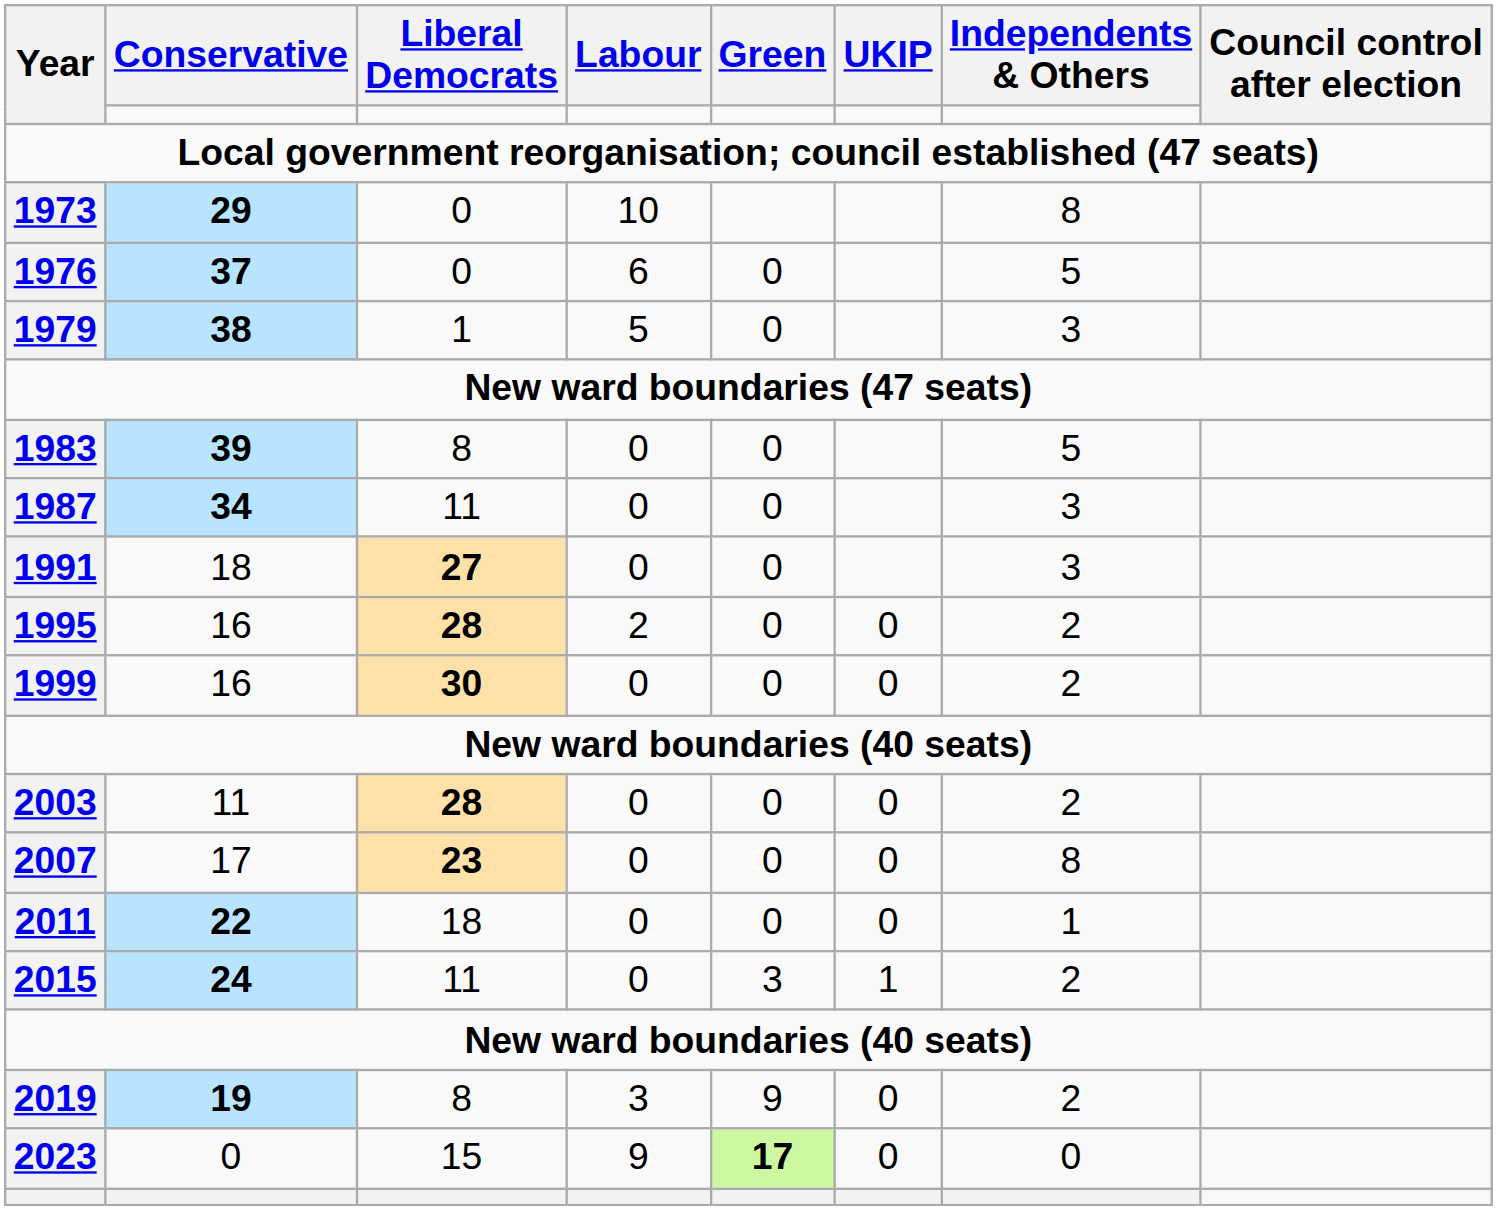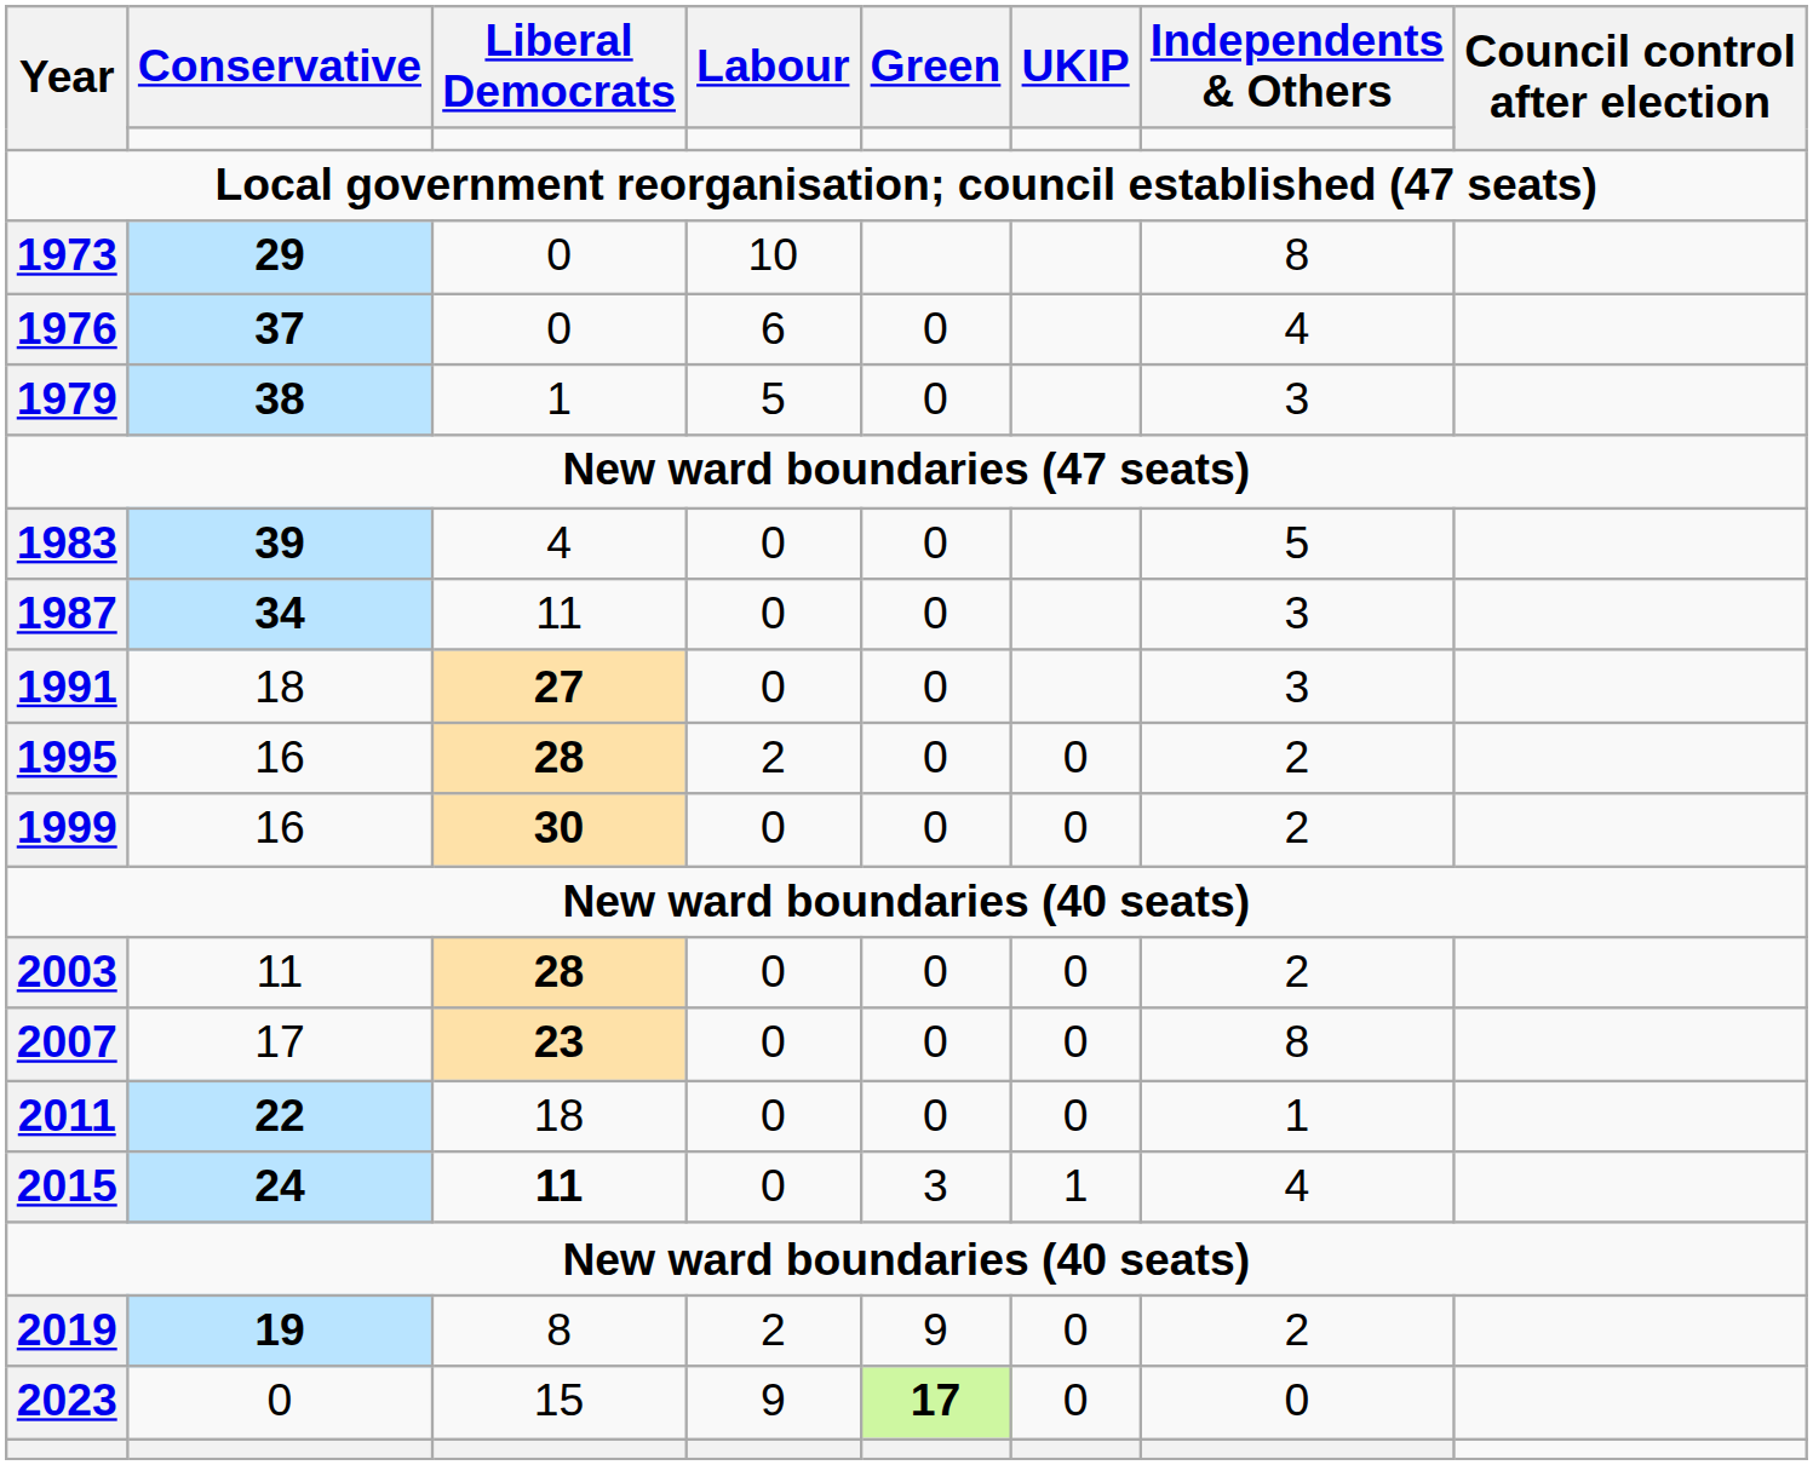 <table class="wikitable plainrowheaders" style="text-align:center">
 <tr>
 <th scope="col" rowspan="2">Year</th>
 <th scope="col"><a href='#'>Conservative</a></th>
 <th scope="col" style="width:1px"><a href='#'>Liberal Democrats</a></th>
 <th scope="col"><a href='#'>Labour</a></th>
 <th scope="col"><a href='#'>Green</a></th>
 <th scope="col"><a href='#'>UKIP</a></th>
 <th scope="col"><a href='#'>Independents</a><br>& Others</th>
 <th scope="col" rowspan="2" colspan="2">Council control<br>after election</th>
 </tr>
 <tr>
 <td style="background:"></td>
 <td style="background:"></td>
 <td style="background:"></td>
 <td style="background:"></td>
 <td style="background:"></td>
 <td style="background:"></td>
 </tr>
 <tr>
 <td colspan="9"><strong>Local government reorganisation; council established (47 seats)</strong></td>
 </tr>
 <tr>
 <th scope="row"><a href='#'>1973</a></th>
 <td style="background:#B9E4FF;"><strong>29</strong></td>
 <td>0</td>
 <td>10</td>
 <td></td>
 <td></td>
 <td>8</td>
 <td></td>
 </tr>
 <tr>
 <th scope="row"><a href='#'>1976</a></th>
 <td style="background:#B9E4FF;"><strong>37</strong></td>
 <td>0</td>
 <td>6</td>
 <td>0</td>
 <td></td>
-<td>5</td>
+<td>4</td>
 <td></td>
 </tr>
 <tr>
 <th scope="row"><a href='#'>1979</a></th>
 <td style="background:#B9E4FF;"><strong>38</strong></td>
 <td>1</td>
 <td>5</td>
 <td>0</td>
 <td></td>
 <td>3</td>
 <td></td>
 </tr>
 <tr>
 <td colspan="9"><strong>New ward boundaries (47 seats)</strong></td>
 </tr>
 <tr>
 <th scope="row"><a href='#'>1983</a></th>
 <td style="background:#B9E4FF;"><strong>39</strong></td>
-<td>8</td>
+<td>4</td>
 <td>0</td>
 <td>0</td>
 <td></td>
 <td>5</td>
 <td></td>
 </tr>
 <tr>
 <th scope="row"><a href='#'>1987</a></th>
 <td style="background:#B9E4FF;"><strong>34</strong></td>
 <td>11</td>
 <td>0</td>
 <td>0</td>
 <td></td>
 <td>3</td>
 <td></td>
 </tr>
 <tr>
 <th scope="row"><a href='#'>1991</a></th>
 <td>18</td>
 <td style="background:#FEE1A8"><strong>27</strong></td>
 <td>0</td>
 <td>0</td>
 <td></td>
 <td>3</td>
 <td></td>
 </tr>
 <tr>
 <th scope="row"><a href='#'>1995</a></th>
 <td>16</td>
 <td style="background:#FEE1A8"><strong>28</strong></td>
 <td>2</td>
 <td>0</td>
 <td>0</td>
 <td>2</td>
 <td></td>
 </tr>
 <tr>
 <th scope="row"><a href='#'>1999</a></th>
 <td>16</td>
 <td style="background:#FEE1A8"><strong>30</strong></td>
 <td>0</td>
 <td>0</td>
 <td>0</td>
 <td>2</td>
 <td></td>
 </tr>
 <tr>
 <td colspan="9"><strong>New ward boundaries (40 seats)</strong></td>
 </tr>
 <tr>
 <th scope="row"><a href='#'>2003</a></th>
 <td>11</td>
 <td style="background:#FEE1A8"><strong>28</strong></td>
 <td>0</td>
 <td>0</td>
 <td>0</td>
 <td>2</td>
 <td></td>
 </tr>
 <tr>
 <th scope="row"><a href='#'>2007</a></th>
 <td>17</td>
 <td style="background:#FEE1A8"><strong>23</strong></td>
 <td>0</td>
 <td>0</td>
 <td>0</td>
 <td>8</td>
 <td></td>
 </tr>
 <tr>
 <th scope="row"><a href='#'>2011</a></th>
 <td style="background:#B9E4FF;"><strong>22</strong></td>
 <td>18</td>
 <td>0</td>
 <td>0</td>
 <td>0</td>
 <td>1</td>
 <td></td>
 </tr>
 <tr>
 <th scope="row"><a href='#'>2015</a></th>
 <td style="background:#B9E4FF;"><strong>24</strong></td>
-<td>11</td>
+<td><strong>11</strong></td>
 <td>0</td>
 <td>3</td>
 <td>1</td>
-<td>2</td>
+<td>4</td>
 <td></td>
 </tr>
 <tr>
 <td colspan="9"><strong>New ward boundaries (40 seats)</strong></td>
 </tr>
 <tr>
 <th scope="row"><a href='#'>2019</a></th>
 <td style="background:#B9E4FF;"><strong>19</strong></td>
 <td>8</td>
-<td>3</td>
+<td>2</td>
 <td>9</td>
 <td>0</td>
 <td>2</td>
 <td></td>
 </tr>
 <tr>
 <th scope="row"><a href='#'>2023</a></th>
 <td>0</td>
 <td>15</td>
 <td>9</td>
 <td style="background:#CEF7A1"><strong>17</strong></td>
 <td>0</td>
 <td>0</td>
 <td></td>
 </tr>
 <tr>
 <th></th>
 <th style="background-color: "></th>
 <th style="background-color: "></th>
 <th style="background-color: "></th>
 <th style="background-color: "></th>
 <th style="background-color: "></th>
 <th style="background-color: "></th>
 </tr>
 </table>
